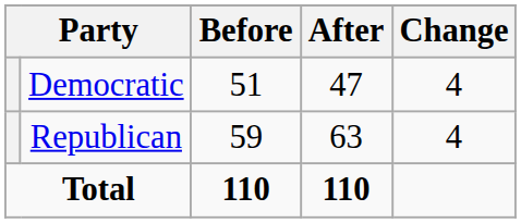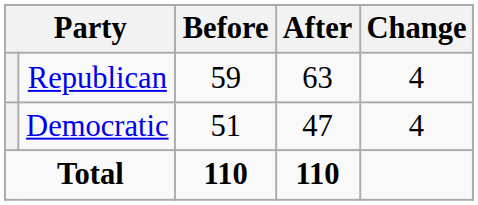 <table class="wikitable" style="text-align:center;">
 <tr>
 </tr>
 <tr>
 <th colspan=2>Party</th>
 <th>Before</th>
 <th>After</th>
 <th>Change</th>
 </tr>
 <tr>
 <th style="background-color:"></th>
-<td><a href='#'>Democratic</a></td>
-<td>51</td>
-<td>47</td>
+<td><a href='#'>Republican</a></td>
+<td>59</td>
+<td>63</td>
 <td> 4</td>
 </tr>
 <tr>
 <th style="background-color:"></th>
-<td><a href='#'>Republican</a></td>
-<td>59</td>
-<td>63</td>
+<td><a href='#'>Democratic</a></td>
+<td>51</td>
+<td>47</td>
 <td> 4</td>
 </tr>
 <tr>
 <td colspan=2><strong>Total</strong></td>
 <td><strong>110</strong></td>
 <td><strong>110</strong></td>
 <td></td>
 </tr>
 </table>
